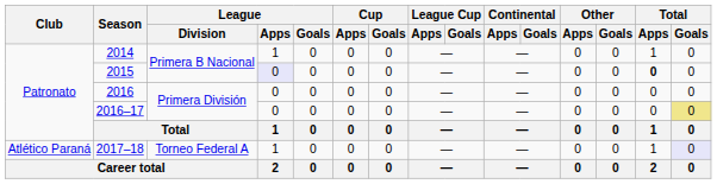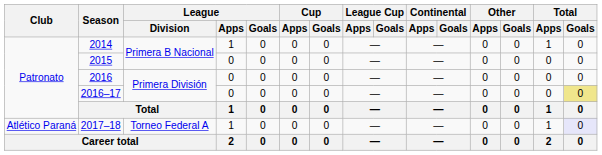 <table class="wikitable" style="text-align:center">
 <tr>
 <th rowspan="2">Club</th>
 <th rowspan="2">Season</th>
 <th colspan="3">League</th>
 <th colspan="2">Cup</th>
 <th colspan="2">League Cup</th>
 <th colspan="2">Continental</th>
 <th colspan="2">Other</th>
 <th colspan="2">Total</th>
 </tr>
 <tr>
 <th>Division</th>
 <th>Apps</th>
 <th>Goals</th>
 <th>Apps</th>
 <th>Goals</th>
 <th>Apps</th>
 <th>Goals</th>
 <th>Apps</th>
 <th>Goals</th>
 <th>Apps</th>
 <th>Goals</th>
 <th>Apps</th>
 <th>Goals</th>
 </tr>
 <tr>
 <td rowspan="5"><a href='#'>Patronato</a></td>
 <td><a href='#'>2014</a></td>
 <td rowspan="2"><a href='#'>Primera B Nacional</a></td>
 <td>1</td>
 <td>0</td>
 <td>0</td>
 <td>0</td>
 <td colspan="2">—</td>
 <td colspan="2">—</td>
 <td>0</td>
 <td>0</td>
 <td>1</td>
 <td>0</td>
 </tr>
 <tr>
 <td><a href='#'>2015</a></td>
-<td style="background: lavender;">0</td>
+<td>0</td>
 <td>0</td>
 <td>0</td>
 <td>0</td>
 <td colspan="2">—</td>
 <td colspan="2">—</td>
 <td>0</td>
 <td>0</td>
-<td><strong>0</strong></td>
+<td>0</td>
 <td>0</td>
 </tr>
 <tr>
 <td><a href='#'>2016</a></td>
 <td rowspan="2"><a href='#'>Primera División</a></td>
 <td>0</td>
 <td>0</td>
 <td>0</td>
 <td>0</td>
 <td colspan="2">—</td>
 <td colspan="2">—</td>
 <td>0</td>
 <td>0</td>
 <td>0</td>
 <td>0</td>
 </tr>
 <tr>
 <td><a href='#'>2016–17</a></td>
 <td>0</td>
 <td>0</td>
 <td>0</td>
 <td>0</td>
 <td colspan="2">—</td>
 <td colspan="2">—</td>
 <td>0</td>
 <td>0</td>
 <td>0</td>
 <td style="background: khaki;">0</td>
 </tr>
 <tr>
 <th colspan="2">Total</th>
 <th>1</th>
 <th>0</th>
 <th>0</th>
 <th>0</th>
 <th colspan="2">—</th>
 <th colspan="2">—</th>
 <th>0</th>
 <th>0</th>
 <th>1</th>
 <th>0</th>
 </tr>
 <tr>
 <td rowspan="1"><a href='#'>Atlético Paraná</a></td>
 <td><a href='#'>2017–18</a></td>
 <td rowspan="1"><a href='#'>Torneo Federal A</a></td>
 <td>1</td>
 <td>0</td>
 <td>0</td>
 <td>0</td>
 <td colspan="2">—</td>
 <td colspan="2">—</td>
 <td>0</td>
 <td>0</td>
 <td>1</td>
 <td style="background: lavender;">0</td>
 </tr>
 <tr>
 <th colspan="3">Career total</th>
 <th>2</th>
 <th>0</th>
 <th>0</th>
 <th>0</th>
 <th colspan="2">—</th>
 <th colspan="2">—</th>
 <th>0</th>
 <th>0</th>
 <th>2</th>
 <th>0</th>
 </tr>
 </table>
